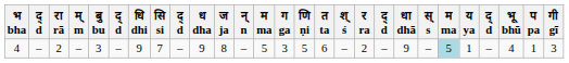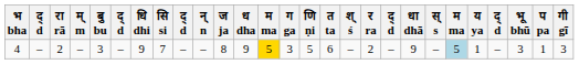 <table class="wikitable" align="center" style="text-align:center">
 <tr>
 <th width="20pt">भ bha</th>
 <th width="20pt">द् d</th>
 <th width="20pt">रा rā</th>
 <th width="20pt">म् m</th>
 <th width="20pt">बु bu</th>
 <th width="20pt">द् d</th>
 <th width="20pt">धि dhi</th>
 <th width="20pt">सि si</th>
 <th width="20pt">द् d</th>
+<th width="20pt">न् n</th>
+<th width="20pt">ज ja</th>
 <th width="20pt">ध dha</th>
-<th width="20pt">ज ja</th>
-<th width="20pt">न् n</th>
 <th width="20pt">म ma</th>
 <th width="20pt">ग ga</th>
 <th width="20pt">णि ṇi</th>
 <th width="20pt">त ta</th>
 <th width="20pt">श् ś</th>
 <th width="20pt">र ra</th>
 <th width="20pt">द् d</th>
 <th width="20pt">धा dhā</th>
 <th width="20pt">स् s</th>
 <th width="20pt">म ma</th>
 <th width="20pt">य ya</th>
 <th width="20pt">द् d</th>
 <th width="20pt">भू bhū</th>
 <th width="20pt">प pa</th>
 <th width="20pt">गी gī</th>
 </tr>
 <tr>
 <td>4</td>
 <td>–</td>
 <td>2</td>
 <td>–</td>
 <td>3</td>
 <td>–</td>
 <td>9</td>
 <td>7</td>
 <td>–</td>
+<td>–</td>
+<td>8</td>
 <td>9</td>
-<td>8</td>
-<td>–</td>
-<td>5</td>
+<td style="background: gold;">5</td>
 <td>3</td>
 <td>5</td>
 <td>6</td>
 <td>–</td>
 <td>2</td>
 <td>–</td>
 <td>9</td>
 <td>–</td>
 <td style="background: lightblue;">5</td>
 <td>1</td>
 <td>–</td>
-<td>4</td>
+<td>3</td>
 <td>1</td>
 <td>3</td>
 </tr>
 </table>
